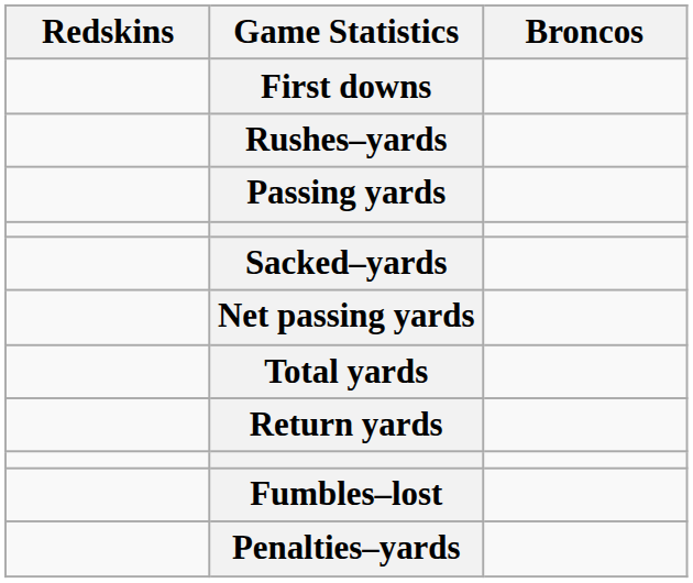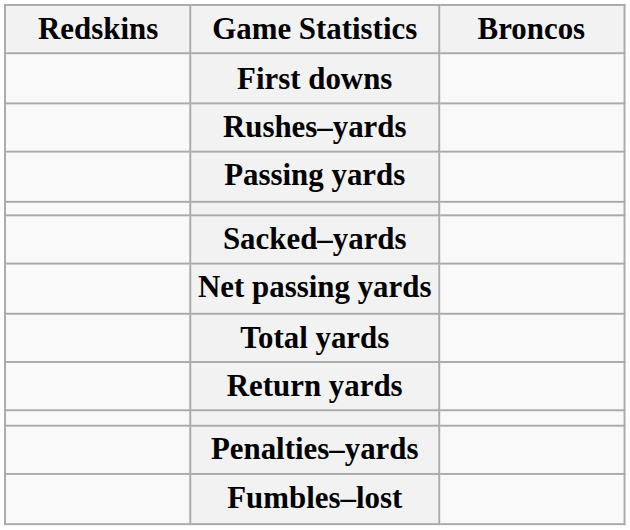 <table class="wikitable" style="margin: 1em auto 1em auto">
 <tr>
 <th style="width:30%;">Redskins</th>
 <th style="width:40%;">Game Statistics</th>
 <th style="width:30%;">Broncos</th>
 </tr>
 <tr>
 <td style="text-align:right;"></td>
 <th>First downs</th>
 <td></td>
 </tr>
 <tr>
 <td style="text-align:right;"></td>
 <th>Rushes–yards</th>
 <td></td>
 </tr>
 <tr>
 <td style="text-align:right;"></td>
 <th>Passing yards</th>
 <td></td>
 </tr>
 <tr>
 <td style="text-align:right;"></td>
 <th></th>
 <td></td>
 </tr>
 <tr>
 <td style="text-align:right;"></td>
 <th>Sacked–yards</th>
 <td></td>
 </tr>
 <tr>
 <td style="text-align:right;"></td>
 <th>Net passing yards</th>
 <td></td>
 </tr>
 <tr>
 <td style="text-align:right;"></td>
 <th>Total yards</th>
 <td></td>
 </tr>
 <tr>
 <td style="text-align:right;"></td>
 <th>Return yards</th>
 <td></td>
 </tr>
 <tr>
 <td style="text-align:right;"></td>
 <th></th>
 <td></td>
 </tr>
 <tr>
 <td style="text-align:right;"></td>
-<th>Fumbles–lost</th>
+<th>Penalties–yards</th>
 <td></td>
 </tr>
 <tr>
 <td style="text-align:right;"></td>
-<th>Penalties–yards</th>
+<th>Fumbles–lost</th>
 <td></td>
 </tr>
 </table>
